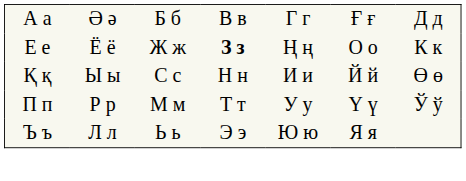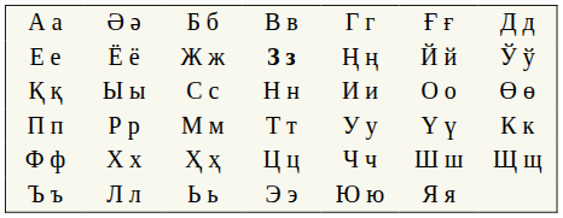 <table style="font-family:Arial Unicode MS; font-size:1.4em; border-color:#000000; border-width:1px; border-style:solid; border-collapse:collapse; background-color:#F8F8EF;">
 <tr>
 <td style="width:3em; text-align:center; padding: 3px;">А а</td>
 <td style="width:3em; text-align:center; padding: 3px;">Ә ә</td>
 <td style="width:3em; text-align:center; padding: 3px;">Б б</td>
 <td style="width:3em; text-align:center; padding: 3px;">В в</td>
 <td style="width:3em; text-align:center; padding: 3px;">Г г</td>
 <td style="width:3em; text-align:center; padding: 3px;">Ғ ғ</td>
 <td style="width:3em; text-align:center; padding: 3px;">Д д</td>
 </tr>
 <tr>
 <td style="width:3em; text-align:center; padding: 3px;">Е е</td>
 <td style="width:3em; text-align:center; padding: 3px;">Ё ё</td>
 <td style="width:3em; text-align:center; padding: 3px;">Ж ж</td>
 <td style="width:3em; text-align:center; padding: 3px;"><strong>З з</strong></td>
 <td style="width:3em; text-align:center; padding: 3px;">Ң ң</td>
-<td style="width:3em; text-align:center; padding: 3px;">О о</td>
-<td style="width:3em; text-align:center; padding: 3px;">К к</td>
+<td style="width:3em; text-align:center; padding: 3px;">Й й</td>
+<td style="width:3em; text-align:center; padding: 3px;">Ў ў</td>
 </tr>
 <tr>
 <td style="width:3em; text-align:center; padding: 3px;">Қ қ</td>
 <td style="width:3em; text-align:center; padding: 3px;">Ы ы</td>
 <td style="width:3em; text-align:center; padding: 3px;">С с</td>
 <td style="width:3em; text-align:center; padding: 3px;">Н н</td>
 <td style="width:3em; text-align:center; padding: 3px;">И и</td>
-<td style="width:3em; text-align:center; padding: 3px;">Й й</td>
+<td style="width:3em; text-align:center; padding: 3px;">О о</td>
 <td style="width:3em; text-align:center; padding: 3px;">Ө ө</td>
 </tr>
 <tr>
 <td style="width:3em; text-align:center; padding: 3px;">П п</td>
 <td style="width:3em; text-align:center; padding: 3px;">Р р</td>
 <td style="width:3em; text-align:center; padding: 3px;">М м</td>
 <td style="width:3em; text-align:center; padding: 3px;">Т т</td>
 <td style="width:3em; text-align:center; padding: 3px;">У у</td>
 <td style="width:3em; text-align:center; padding: 3px;">Ү ү</td>
-<td style="width:3em; text-align:center; padding: 3px;">Ў ў</td>
+<td style="width:3em; text-align:center; padding: 3px;">К к</td>
+</tr>
+<tr>
+<td style="width:3em; text-align:center; padding: 3px;">Ф ф</td>
+<td style="width:3em; text-align:center; padding: 3px;">Х х</td>
+<td style="width:3em; text-align:center; padding: 3px;">Ҳ ҳ</td>
+<td style="width:3em; text-align:center; padding: 3px;">Ц ц</td>
+<td style="width:3em; text-align:center; padding: 3px;">Ч ч</td>
+<td style="width:3em; text-align:center; padding: 3px;">Ш ш</td>
+<td style="width:3em; text-align:center; padding: 3px;">Щ щ</td>
 </tr>
 <tr>
 <td style="width:3em; text-align:center; padding: 3px;">Ъ ъ</td>
 <td style="width:3em; text-align:center; padding: 3px;">Л л</td>
 <td style="width:3em; text-align:center; padding: 3px;">Ь ь</td>
 <td style="width:3em; text-align:center; padding: 3px;">Э э</td>
 <td style="width:3em; text-align:center; padding: 3px;">Ю ю</td>
 <td style="width:3em; text-align:center; padding: 3px;">Я я</td>
 </tr>
 </table>
